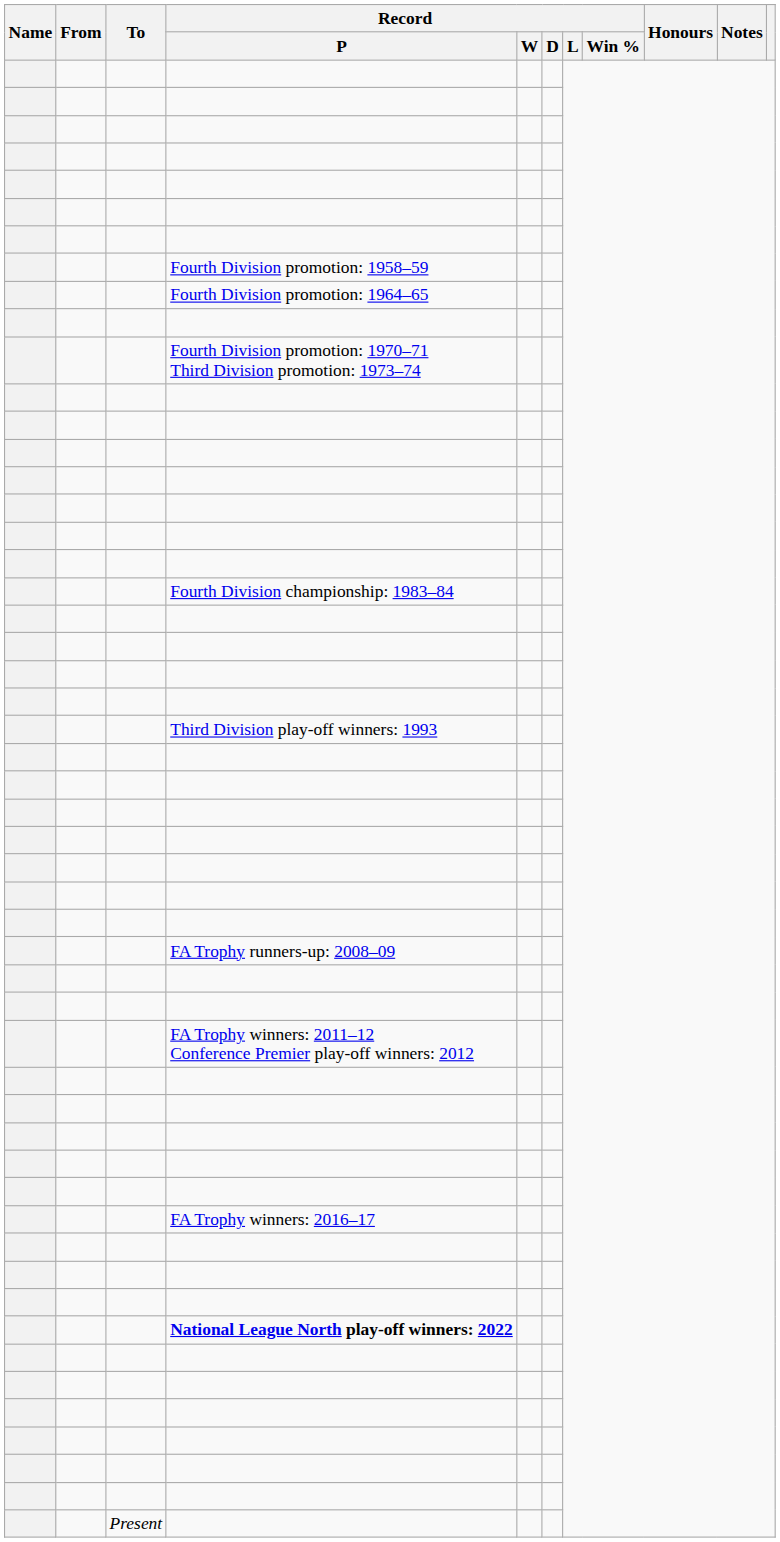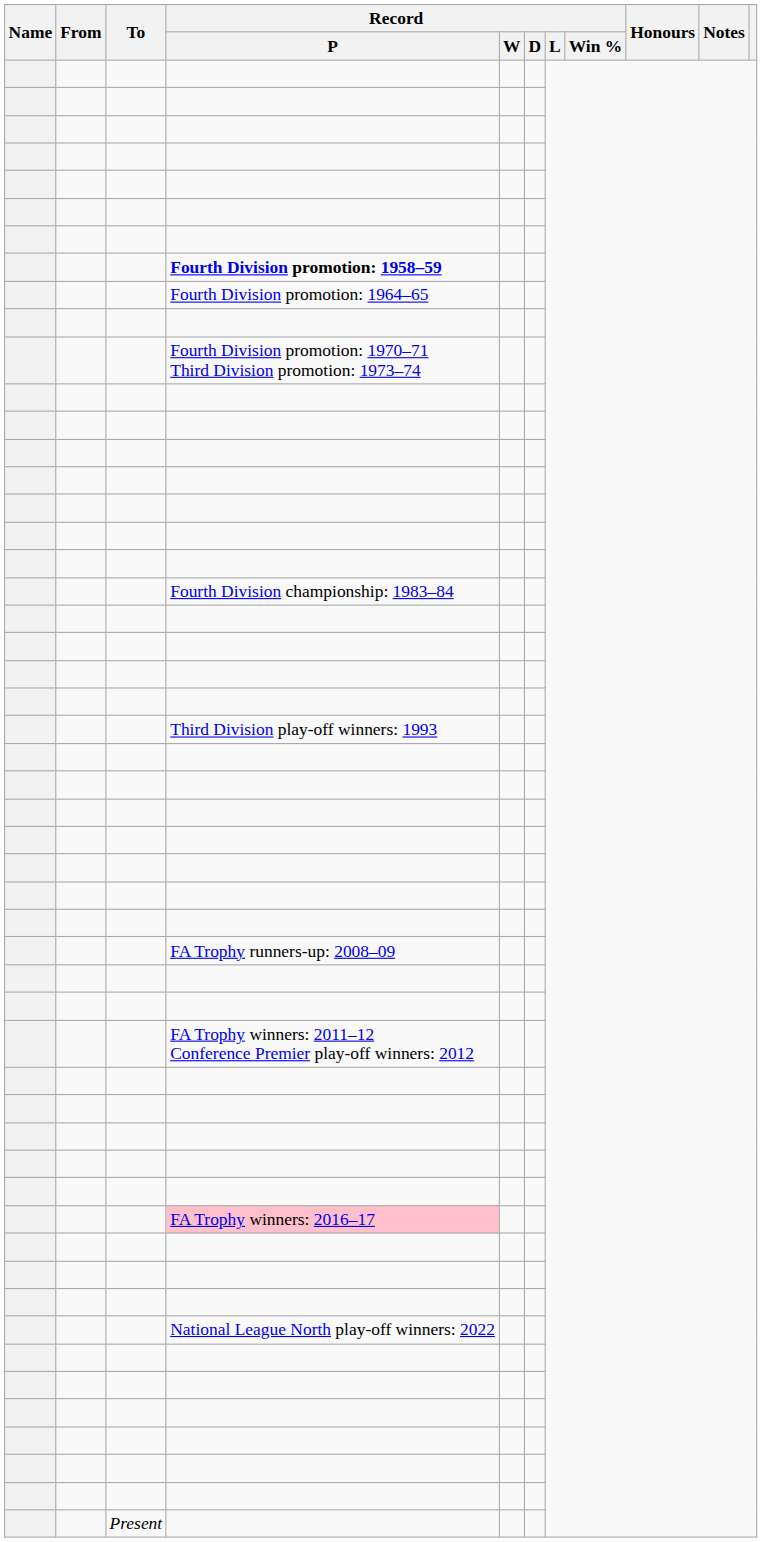 <table class="wikitable sortable plainrowheaders" style="text-align: center;">
 <tr>
 <th scope="col" rowspan="2">Name</th>
 <th scope="col" rowspan="2">From</th>
 <th scope="col" rowspan="2">To</th>
 <th scope="col" colspan="5">Record</th>
 <th scope="col" rowspan="2" class="unsortable">Honours</th>
 <th scope="col" rowspan="2" class="unsortable">Notes</th>
 <th scope="col" rowspan="2" class="unsortable"></th>
 </tr>
 <tr class="unsortable">
 <th scope="col">P</th>
 <th scope="col">W</th>
 <th scope="col">D</th>
 <th scope="col">L</th>
 <th scope="col">Win %</th>
 </tr>
 <tr>
 <th align="left" scope="row"></th>
 <td align="left"></td>
 <td align="left"><br></td>
 <td align="left"></td>
 <td></td>
 <td></td>
 </tr>
 <tr>
 <th align="left" scope="row"></th>
 <td align="left"></td>
 <td align="left"><br></td>
 <td align="left"></td>
 <td></td>
 <td></td>
 </tr>
 <tr>
 <th align="left" scope="row"></th>
 <td align="left"></td>
 <td align="left"><br></td>
 <td align="left"></td>
 <td></td>
 <td></td>
 </tr>
 <tr>
 <th align="left" scope="row"></th>
 <td align="left"></td>
 <td align="left"><br></td>
 <td align="left"></td>
 <td></td>
 <td></td>
 </tr>
 <tr>
 <th align="left" scope="row"></th>
 <td align="left"></td>
 <td align="left"><br></td>
 <td align="left"></td>
 <td></td>
 <td></td>
 </tr>
 <tr>
 <th align="left" scope="row"></th>
 <td align="left"></td>
 <td align="left"><br></td>
 <td align="left"></td>
 <td></td>
 <td></td>
 </tr>
 <tr>
 <th align="left" scope="row"></th>
 <td align="left"></td>
 <td align="left"><br></td>
 <td align="left"></td>
 <td></td>
 <td></td>
 </tr>
 <tr>
 <th align="left" scope="row"></th>
 <td align="left"></td>
 <td align="left"><br></td>
-<td align="left"><a href='#'>Fourth Division</a> promotion: <a href='#'>1958–59</a></td>
+<td align="left"><strong><a href='#'>Fourth Division</a> promotion: <a href='#'>1958–59</a></strong></td>
 <td></td>
 <td></td>
 </tr>
 <tr>
 <th align="left" scope="row"></th>
 <td align="left"></td>
 <td align="left"><br></td>
 <td align="left"><a href='#'>Fourth Division</a> promotion: <a href='#'>1964–65</a></td>
 <td></td>
 <td></td>
 </tr>
 <tr>
 <th align="left" scope="row"></th>
 <td align="left"></td>
 <td align="left"><br></td>
 <td align="left"></td>
 <td></td>
 <td></td>
 </tr>
 <tr>
 <th align="left" scope="row"></th>
 <td align="left"></td>
 <td align="left"><br></td>
 <td align="left"><a href='#'>Fourth Division</a> promotion: <a href='#'>1970–71</a><br><a href='#'>Third Division</a> promotion: <a href='#'>1973–74</a></td>
 <td></td>
 <td></td>
 </tr>
 <tr style="font-style:italic">
 <th align="left" scope="row"> </th>
 <td align="left"></td>
 <td align="left"><br></td>
 <td align="left"></td>
 <td></td>
 <td></td>
 </tr>
 <tr>
 <th align="left" scope="row"></th>
 <td align="left"></td>
 <td align="left"><br></td>
 <td align="left"></td>
 <td></td>
 <td></td>
 </tr>
 <tr style="font-style:italic">
 <th align="left" scope="row"> </th>
 <td align="left"></td>
 <td align="left"><br></td>
 <td align="left"></td>
 <td></td>
 <td></td>
 </tr>
 <tr>
 <th align="left" scope="row"></th>
 <td align="left"></td>
 <td align="left"><br></td>
 <td align="left"></td>
 <td></td>
 <td></td>
 </tr>
 <tr>
 <th align="left" scope="row"></th>
 <td align="left"></td>
 <td align="left"><br></td>
 <td align="left"></td>
 <td></td>
 <td></td>
 </tr>
 <tr style="font-style:italic">
 <th align="left" scope="row"> </th>
 <td align="left"></td>
 <td align="left"><br></td>
 <td align="left"></td>
 <td></td>
 <td></td>
 </tr>
 <tr style="font-style:italic">
 <th align="left" scope="row"> </th>
 <td align="left"></td>
 <td align="left"><br></td>
 <td align="left"></td>
 <td></td>
 <td></td>
 </tr>
 <tr>
 <th align="left" scope="row"></th>
 <td align="left"></td>
 <td align="left"><br></td>
 <td align="left"><a href='#'>Fourth Division</a> championship: <a href='#'>1983–84</a></td>
 <td></td>
 <td></td>
 </tr>
 <tr>
 <th align="left" scope="row"></th>
 <td align="left"></td>
 <td align="left"><br></td>
 <td align="left"></td>
 <td></td>
 <td></td>
 </tr>
 <tr style="font-style:italic">
 <th align="left" scope="row"> </th>
 <td align="left"></td>
 <td align="left"><br></td>
 <td align="left"></td>
 <td></td>
 <td></td>
 </tr>
 <tr>
 <th align="left" scope="row"></th>
 <td align="left"></td>
 <td align="left"><br></td>
 <td align="left"></td>
 <td></td>
 <td></td>
 </tr>
 <tr>
 <th align="left" scope="row"></th>
 <td align="left"></td>
 <td align="left"><br></td>
 <td align="left"></td>
 <td></td>
 <td></td>
 </tr>
 <tr>
 <th align="left" scope="row"></th>
 <td align="left"></td>
 <td align="left"><br></td>
 <td align="left"><a href='#'>Third Division</a> play-off winners: <a href='#'>1993</a></td>
 <td></td>
 <td></td>
 </tr>
 <tr>
 <th align="left" scope="row"></th>
 <td align="left"></td>
 <td align="left"><br></td>
 <td align="left"></td>
 <td></td>
 <td></td>
 </tr>
 <tr>
 <th align="left" scope="row"></th>
 <td align="left"></td>
 <td align="left"><br></td>
 <td align="left"></td>
 <td></td>
 <td></td>
 </tr>
 <tr>
 <th align="left" scope="row"></th>
 <td align="left"></td>
 <td align="left"><br></td>
 <td align="left"></td>
 <td></td>
 <td></td>
 </tr>
 <tr style="font-style:italic">
 <th align="left" scope="row"> </th>
 <td align="left"></td>
 <td align="left"><br></td>
 <td align="left"></td>
 <td></td>
 <td></td>
 </tr>
 <tr>
 <th align="left" scope="row"></th>
 <td align="left"></td>
 <td align="left"><br></td>
 <td align="left"></td>
 <td></td>
 <td></td>
 </tr>
 <tr>
 <th align="left" scope="row"></th>
 <td align="left"></td>
 <td align="left"><br></td>
 <td align="left"></td>
 <td></td>
 <td></td>
 </tr>
 <tr style="font-style:italic">
 <th align="left" scope="row"> </th>
 <td align="left"></td>
 <td align="left"><br></td>
 <td align="left"></td>
 <td></td>
 <td></td>
 </tr>
 <tr>
 <th align="left" scope="row"></th>
 <td align="left"></td>
 <td align="left"><br></td>
 <td align="left"><a href='#'>FA Trophy</a> runners-up: <a href='#'>2008–09</a></td>
 <td></td>
 <td></td>
 </tr>
 <tr style="font-style:italic">
 <th align="left" scope="row"> </th>
 <td align="left"></td>
 <td align="left"><br></td>
 <td align="left"></td>
 <td></td>
 <td></td>
 </tr>
 <tr style="font-style:italic">
 <th align="left" scope="row"> </th>
 <td align="left"></td>
 <td align="left"><br></td>
 <td align="left"></td>
 <td></td>
 <td></td>
 </tr>
 <tr>
 <th align="left" scope="row"></th>
 <td align="left"></td>
 <td align="left"><br></td>
 <td align="left"><a href='#'>FA Trophy</a> winners: <a href='#'>2011–12</a><br><a href='#'>Conference Premier</a> play-off winners: <a href='#'>2012</a></td>
 <td></td>
 <td></td>
 </tr>
 <tr>
 <th align="left" scope="row"></th>
 <td align="left"></td>
 <td align="left"><br></td>
 <td align="left"></td>
 <td></td>
 <td></td>
 </tr>
 <tr style="font-style:italic">
 <th align="left" scope="row"> </th>
 <td align="left"></td>
 <td align="left"><br></td>
 <td align="left"></td>
 <td></td>
 <td></td>
 </tr>
 <tr>
 <th align="left" scope="row"></th>
 <td align="left"></td>
 <td align="left"><br></td>
 <td align="left"></td>
 <td></td>
 <td></td>
 </tr>
 <tr style="font-style:italic">
 <th align="left" scope="row"> </th>
 <td align="left"></td>
 <td align="left"><br></td>
 <td align="left"></td>
 <td></td>
 <td></td>
 </tr>
 <tr>
 <th align="left" scope="row"></th>
 <td align="left"></td>
 <td align="left"><br></td>
 <td align="left"></td>
 <td></td>
 <td></td>
 </tr>
 <tr>
 <th align="left" scope="row"></th>
 <td align="left"></td>
 <td align="left"><br></td>
-<td align="left"><a href='#'>FA Trophy</a> winners: <a href='#'>2016–17</a></td>
+<td align="left" style="background: pink;"><a href='#'>FA Trophy</a> winners: <a href='#'>2016–17</a></td>
 <td></td>
 <td></td>
 </tr>
 <tr>
 <th align="left" scope="row"></th>
 <td align="left"></td>
 <td align="left"><br></td>
 <td align="left"></td>
 <td></td>
 <td></td>
 </tr>
 <tr>
 <th align="left" scope="row"></th>
 <td align="left"></td>
 <td align="left"><br></td>
 <td align="left"></td>
 <td></td>
 <td></td>
 </tr>
 <tr>
 <th align="left" scope="row"></th>
 <td align="left"></td>
 <td align="left"><br></td>
 <td align="left"></td>
 <td></td>
 <td></td>
 </tr>
 <tr>
 <th align="left" scope="row"></th>
 <td align="left"></td>
 <td align="left"><br></td>
-<td align="left"><strong><a href='#'>National League North</a> play-off winners: <a href='#'>2022</a></strong></td>
+<td align="left"><a href='#'>National League North</a> play-off winners: <a href='#'>2022</a></td>
 <td></td>
 <td></td>
 </tr>
 <tr style="font-style:italic">
 <th align="left" scope="row"> </th>
 <td align="left"></td>
 <td align="left"><br></td>
 <td align="left"></td>
 <td></td>
 <td></td>
 </tr>
 <tr>
 <th align="left" scope="row"></th>
 <td align="left"></td>
 <td align="left"><br></td>
 <td align="left"></td>
 <td></td>
 <td></td>
 </tr>
 <tr>
 <th align="left" scope="row"></th>
 <td align="left"></td>
 <td align="left"><br></td>
 <td align="left"></td>
 <td></td>
 <td></td>
 </tr>
 <tr style="font-style:italic">
 <th align="left" scope="row"> </th>
 <td align="left"></td>
 <td align="left"><br></td>
 <td align="left"></td>
 <td></td>
 <td></td>
 </tr>
 <tr>
 <th align="left" scope="row"></th>
 <td align="left"></td>
 <td align="left"><br></td>
 <td align="left"></td>
 <td></td>
 <td></td>
 </tr>
 <tr style="font-style:italic">
 <th align="left" scope="row"> </th>
 <td align="left"></td>
 <td align="left"><br></td>
 <td align="left"></td>
 <td></td>
 <td></td>
 </tr>
 <tr>
 <th align="left" scope="row"></th>
 <td align="left"></td>
 <td align="left"><em>Present</em><br></td>
 <td align="left"></td>
 <td></td>
 <td></td>
 </tr>
 </table>
